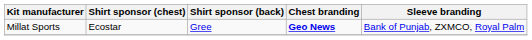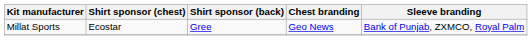 <table class="wikitable"  style="font-size:85%;">
 <tr>
 <th>Kit manufacturer</th>
 <th>Shirt sponsor (chest)</th>
 <th>Shirt sponsor (back)</th>
 <th>Chest branding</th>
 <th>Sleeve branding</th>
 </tr>
 <tr>
 <td>Millat Sports</td>
 <td>Ecostar</td>
 <td><a href='#'>Gree</a></td>
-<td><strong><a href='#'>Geo News</a></strong></td>
+<td><a href='#'>Geo News</a></td>
 <td><a href='#'>Bank of Punjab</a>, ZXMCO, <a href='#'>Royal Palm</a></td>
 </tr>
 <tr>
 </tr>
 </table>
